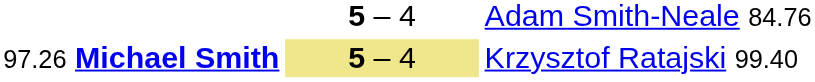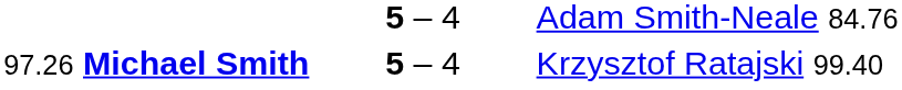 <table style="text-align:center">
 <tr>
 <th width=223></th>
 <th width=100></th>
 <th width=223></th>
 </tr>
 <tr>
 <td align=right></td>
 <td><strong>5</strong> – 4</td>
 <td align=left> <a href='#'>Adam Smith-Neale</a> <small>84.76</small></td>
 </tr>
 <tr>
 <td align=right><small>97.26</small> <strong><a href='#'>Michael Smith</a></strong> </td>
-<td style="background: khaki;"><strong>5</strong> – 4</td>
+<td><strong>5</strong> – 4</td>
 <td align=left> <a href='#'>Krzysztof Ratajski</a> <small>99.40</small></td>
 </tr>
 </table>
